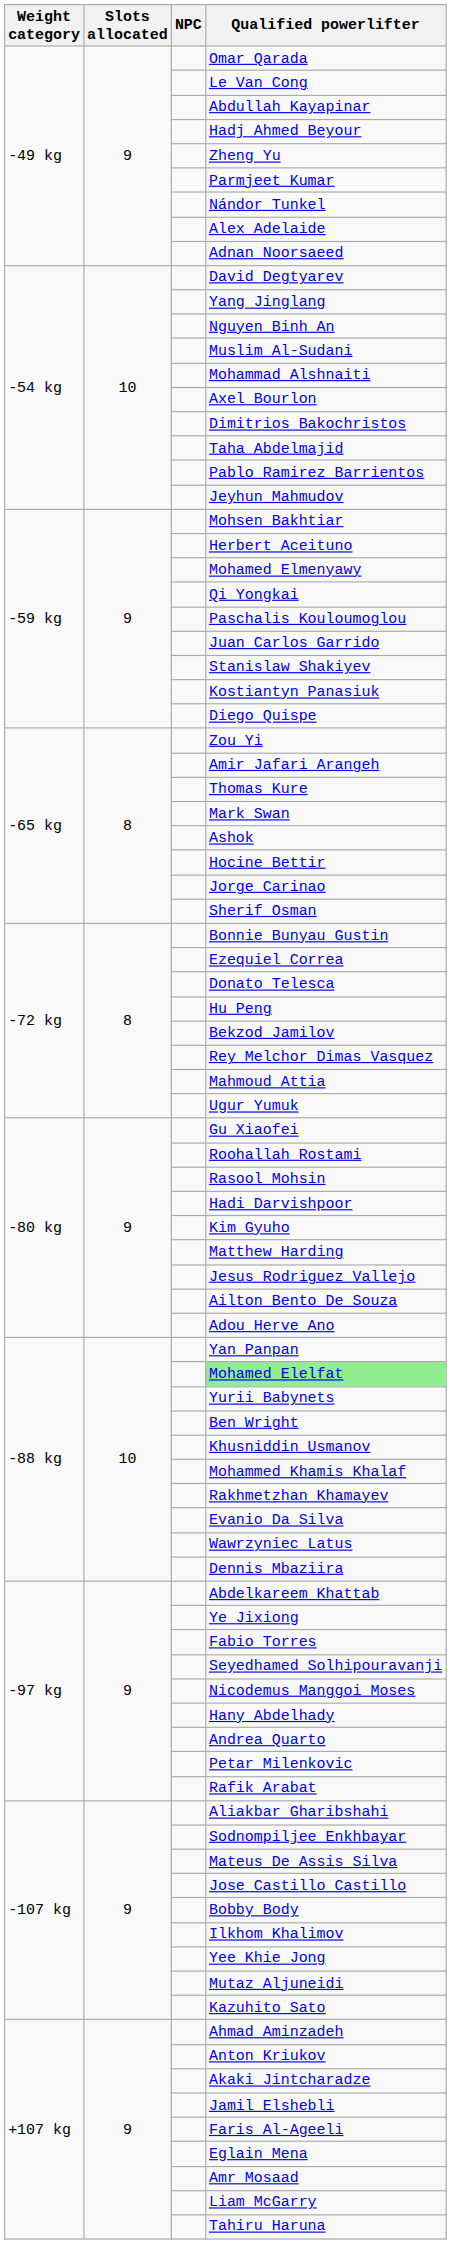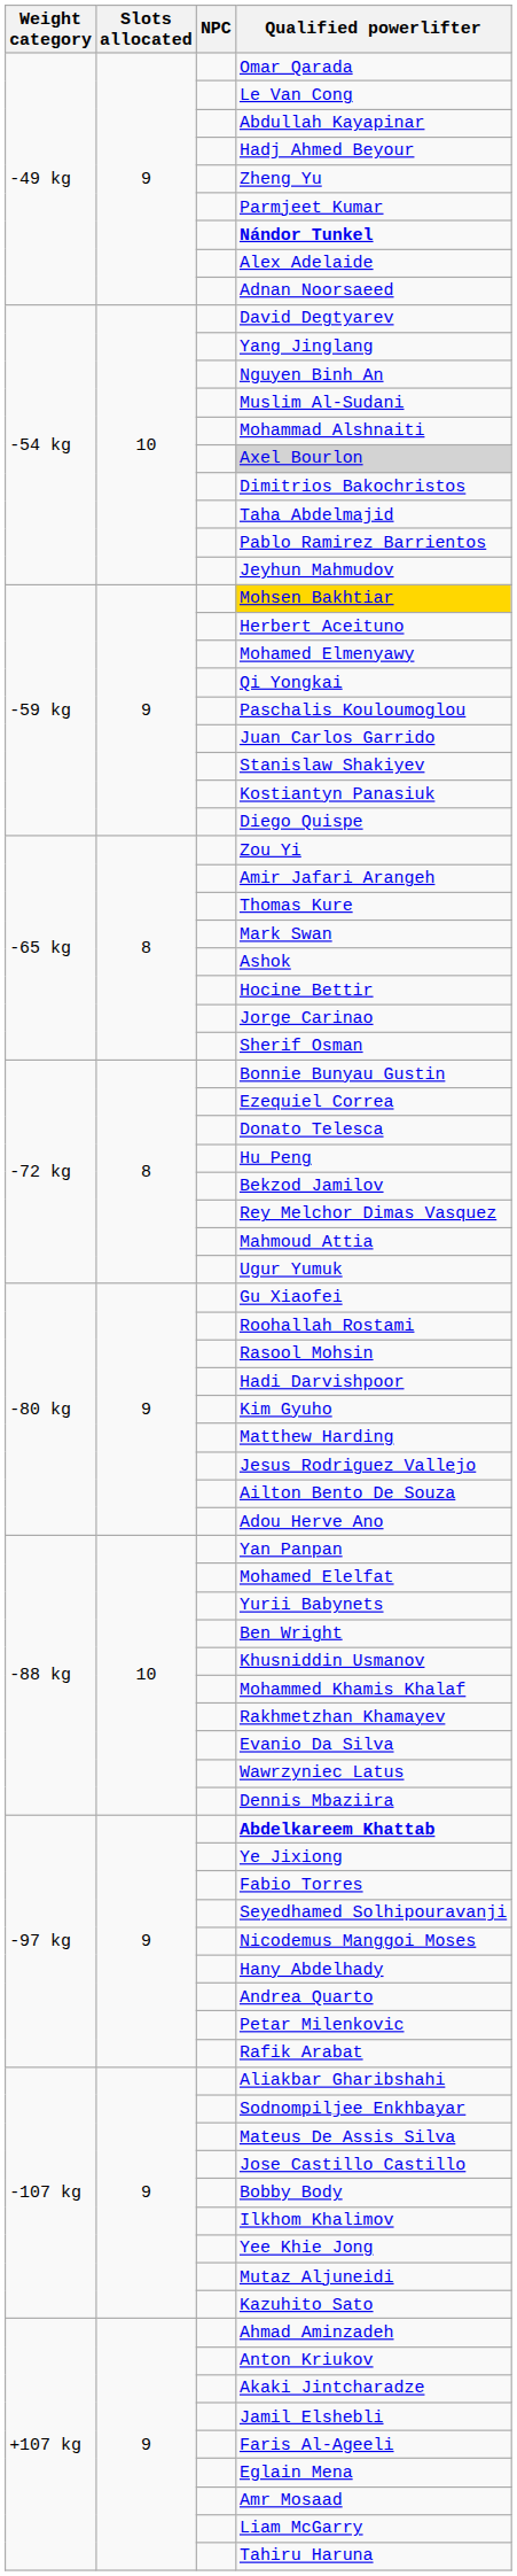 <table class="wikitable">
 <tr>
 <th>Weight<br> category</th>
 <th>Slots<br> allocated</th>
 <th>NPC</th>
 <th>Qualified powerlifter</th>
 </tr>
 <tr>
 <td rowspan=9>-49 kg</td>
 <td rowspan=9 align=center>9</td>
 <td></td>
 <td><a href='#'>Omar Qarada</a></td>
 </tr>
 <tr>
 <td></td>
 <td><a href='#'>Le Van Cong</a></td>
 </tr>
 <tr>
 <td></td>
 <td><a href='#'>Abdullah Kayapinar</a></td>
 </tr>
 <tr>
 <td></td>
 <td><a href='#'>Hadj Ahmed Beyour</a></td>
 </tr>
 <tr>
 <td></td>
 <td><a href='#'>Zheng Yu</a></td>
 </tr>
 <tr>
 <td></td>
 <td><a href='#'>Parmjeet Kumar</a></td>
 </tr>
 <tr>
 <td></td>
-<td><a href='#'>Nándor Tunkel</a></td>
+<td><strong><a href='#'>Nándor Tunkel</a></strong></td>
 </tr>
 <tr>
 <td></td>
 <td><a href='#'>Alex Adelaide</a></td>
 </tr>
 <tr>
 <td></td>
 <td><a href='#'>Adnan Noorsaeed</a></td>
 </tr>
 <tr>
 <td rowspan=10>-54 kg</td>
 <td rowspan=10 align=center>10</td>
 <td></td>
 <td><a href='#'>David Degtyarev</a></td>
 </tr>
 <tr>
 <td></td>
 <td><a href='#'>Yang Jinglang</a></td>
 </tr>
 <tr>
 <td></td>
 <td><a href='#'>Nguyen Binh An</a></td>
 </tr>
 <tr>
 <td></td>
 <td><a href='#'>Muslim Al-Sudani</a></td>
 </tr>
 <tr>
 <td></td>
 <td><a href='#'>Mohammad Alshnaiti</a></td>
 </tr>
 <tr>
 <td></td>
-<td><a href='#'>Axel Bourlon</a></td>
+<td style="background: lightgrey;"><a href='#'>Axel Bourlon</a></td>
 </tr>
 <tr>
 <td></td>
 <td><a href='#'>Dimitrios Bakochristos</a></td>
 </tr>
 <tr>
 <td></td>
 <td><a href='#'>Taha Abdelmajid</a></td>
 </tr>
 <tr>
 <td></td>
 <td><a href='#'>Pablo Ramirez Barrientos</a></td>
 </tr>
 <tr>
 <td></td>
 <td><a href='#'>Jeyhun Mahmudov</a></td>
 </tr>
 <tr>
 <td rowspan=9>-59 kg</td>
 <td rowspan=9 align=center>9</td>
 <td></td>
-<td><a href='#'>Mohsen Bakhtiar</a></td>
+<td style="background: gold;"><a href='#'>Mohsen Bakhtiar</a></td>
 </tr>
 <tr>
 <td></td>
 <td><a href='#'>Herbert Aceituno</a></td>
 </tr>
 <tr>
 <td></td>
 <td><a href='#'>Mohamed Elmenyawy</a></td>
 </tr>
 <tr>
 <td></td>
 <td><a href='#'>Qi Yongkai</a></td>
 </tr>
 <tr>
 <td></td>
 <td><a href='#'>Paschalis Kouloumoglou</a></td>
 </tr>
 <tr>
 <td></td>
 <td><a href='#'>Juan Carlos Garrido</a></td>
 </tr>
 <tr>
 <td></td>
 <td><a href='#'>Stanislaw Shakiyev</a></td>
 </tr>
 <tr>
 <td></td>
 <td><a href='#'>Kostiantyn Panasiuk</a></td>
 </tr>
 <tr>
 <td></td>
 <td><a href='#'>Diego Quispe</a></td>
 </tr>
 <tr>
 <td rowspan=8>-65 kg</td>
 <td rowspan=8 align=center>8</td>
 <td></td>
 <td><a href='#'>Zou Yi</a></td>
 </tr>
 <tr>
 <td></td>
 <td><a href='#'>Amir Jafari Arangeh</a></td>
 </tr>
 <tr>
 <td></td>
 <td><a href='#'>Thomas Kure</a></td>
 </tr>
 <tr>
 <td></td>
 <td><a href='#'>Mark Swan</a></td>
 </tr>
 <tr>
 <td></td>
 <td><a href='#'>Ashok</a></td>
 </tr>
 <tr>
 <td></td>
 <td><a href='#'>Hocine Bettir</a></td>
 </tr>
 <tr>
 <td></td>
 <td><a href='#'>Jorge Carinao</a></td>
 </tr>
 <tr>
 <td></td>
 <td><a href='#'>Sherif Osman</a></td>
 </tr>
 <tr>
 <td rowspan=8>-72 kg</td>
 <td rowspan=8 align=center>8</td>
 <td></td>
 <td><a href='#'>Bonnie Bunyau Gustin</a></td>
 </tr>
 <tr>
 <td></td>
 <td><a href='#'>Ezequiel Correa</a></td>
 </tr>
 <tr>
 <td></td>
 <td><a href='#'>Donato Telesca</a></td>
 </tr>
 <tr>
 <td></td>
 <td><a href='#'>Hu Peng</a></td>
 </tr>
 <tr>
 <td></td>
 <td><a href='#'>Bekzod Jamilov</a></td>
 </tr>
 <tr>
 <td></td>
 <td><a href='#'>Rey Melchor Dimas Vasquez</a></td>
 </tr>
 <tr>
 <td></td>
 <td><a href='#'>Mahmoud Attia</a></td>
 </tr>
 <tr>
 <td></td>
 <td><a href='#'>Ugur Yumuk</a></td>
 </tr>
 <tr>
 <td rowspan=9>-80 kg</td>
 <td rowspan=9 align=center>9</td>
 <td></td>
 <td><a href='#'>Gu Xiaofei</a></td>
 </tr>
 <tr>
 <td></td>
 <td><a href='#'>Roohallah Rostami</a></td>
 </tr>
 <tr>
 <td></td>
 <td><a href='#'>Rasool Mohsin</a></td>
 </tr>
 <tr>
 <td></td>
 <td><a href='#'>Hadi Darvishpoor</a></td>
 </tr>
 <tr>
 <td></td>
 <td><a href='#'>Kim Gyuho</a></td>
 </tr>
 <tr>
 <td></td>
 <td><a href='#'>Matthew Harding</a></td>
 </tr>
 <tr>
 <td></td>
 <td><a href='#'>Jesus Rodriguez Vallejo</a></td>
 </tr>
 <tr>
 <td></td>
 <td><a href='#'>Ailton Bento De Souza</a></td>
 </tr>
 <tr>
 <td></td>
 <td><a href='#'>Adou Herve Ano</a></td>
 </tr>
 <tr>
 <td rowspan=10>-88 kg</td>
 <td rowspan=10 align=center>10</td>
 <td></td>
 <td><a href='#'>Yan Panpan</a></td>
 </tr>
 <tr>
 <td></td>
-<td style="background: lightgreen;"><a href='#'>Mohamed Elelfat</a></td>
+<td><a href='#'>Mohamed Elelfat</a></td>
 </tr>
 <tr>
 <td></td>
 <td><a href='#'>Yurii Babynets</a></td>
 </tr>
 <tr>
 <td></td>
 <td><a href='#'>Ben Wright</a></td>
 </tr>
 <tr>
 <td></td>
 <td><a href='#'>Khusniddin Usmanov</a></td>
 </tr>
 <tr>
 <td></td>
 <td><a href='#'>Mohammed Khamis Khalaf</a></td>
 </tr>
 <tr>
 <td></td>
 <td><a href='#'>Rakhmetzhan Khamayev</a></td>
 </tr>
 <tr>
 <td></td>
 <td><a href='#'>Evanio Da Silva</a></td>
 </tr>
 <tr>
 <td></td>
 <td><a href='#'>Wawrzyniec Latus</a></td>
 </tr>
 <tr>
 <td></td>
 <td><a href='#'>Dennis Mbaziira</a></td>
 </tr>
 <tr>
 <td rowspan=9>-97 kg</td>
 <td rowspan=9 align=center>9</td>
 <td></td>
-<td><a href='#'>Abdelkareem Khattab</a></td>
+<td><strong><a href='#'>Abdelkareem Khattab</a></strong></td>
 </tr>
 <tr>
 <td></td>
 <td><a href='#'>Ye Jixiong</a></td>
 </tr>
 <tr>
 <td></td>
 <td><a href='#'>Fabio Torres</a></td>
 </tr>
 <tr>
 <td></td>
 <td><a href='#'>Seyedhamed Solhipouravanji</a></td>
 </tr>
 <tr>
 <td></td>
 <td><a href='#'>Nicodemus Manggoi Moses</a></td>
 </tr>
 <tr>
 <td></td>
 <td><a href='#'>Hany Abdelhady</a></td>
 </tr>
 <tr>
 <td></td>
 <td><a href='#'>Andrea Quarto</a></td>
 </tr>
 <tr>
 <td></td>
 <td><a href='#'>Petar Milenkovic</a></td>
 </tr>
 <tr>
 <td></td>
 <td><a href='#'>Rafik Arabat</a></td>
 </tr>
 <tr>
 <td rowspan=9>-107 kg</td>
 <td rowspan=9 align=center>9</td>
 <td></td>
 <td><a href='#'>Aliakbar Gharibshahi</a></td>
 </tr>
 <tr>
 <td></td>
 <td><a href='#'>Sodnompiljee Enkhbayar</a></td>
 </tr>
 <tr>
 <td></td>
 <td><a href='#'>Mateus De Assis Silva</a></td>
 </tr>
 <tr>
 <td></td>
 <td><a href='#'>Jose Castillo Castillo</a></td>
 </tr>
 <tr>
 <td></td>
 <td><a href='#'>Bobby Body</a></td>
 </tr>
 <tr>
 <td></td>
 <td><a href='#'>Ilkhom Khalimov</a></td>
 </tr>
 <tr>
 <td></td>
 <td><a href='#'>Yee Khie Jong</a></td>
 </tr>
 <tr>
 <td></td>
 <td><a href='#'>Mutaz Aljuneidi</a></td>
 </tr>
 <tr>
 <td></td>
 <td><a href='#'>Kazuhito Sato</a></td>
 </tr>
 <tr>
 <td rowspan=9>+107 kg</td>
 <td rowspan=9 align=center>9</td>
 <td></td>
 <td><a href='#'>Ahmad Aminzadeh</a></td>
 </tr>
 <tr>
 <td></td>
 <td><a href='#'>Anton Kriukov</a></td>
 </tr>
 <tr>
 <td></td>
 <td><a href='#'>Akaki Jintcharadze</a></td>
 </tr>
 <tr>
 <td></td>
 <td><a href='#'>Jamil Elshebli</a></td>
 </tr>
 <tr>
 <td></td>
 <td><a href='#'>Faris Al-Ageeli</a></td>
 </tr>
 <tr>
 <td></td>
 <td><a href='#'>Eglain Mena</a></td>
 </tr>
 <tr>
 <td></td>
 <td><a href='#'>Amr Mosaad</a></td>
 </tr>
 <tr>
 <td></td>
 <td><a href='#'>Liam McGarry</a></td>
 </tr>
 <tr>
 <td></td>
 <td><a href='#'>Tahiru Haruna</a></td>
 </tr>
 </table>
